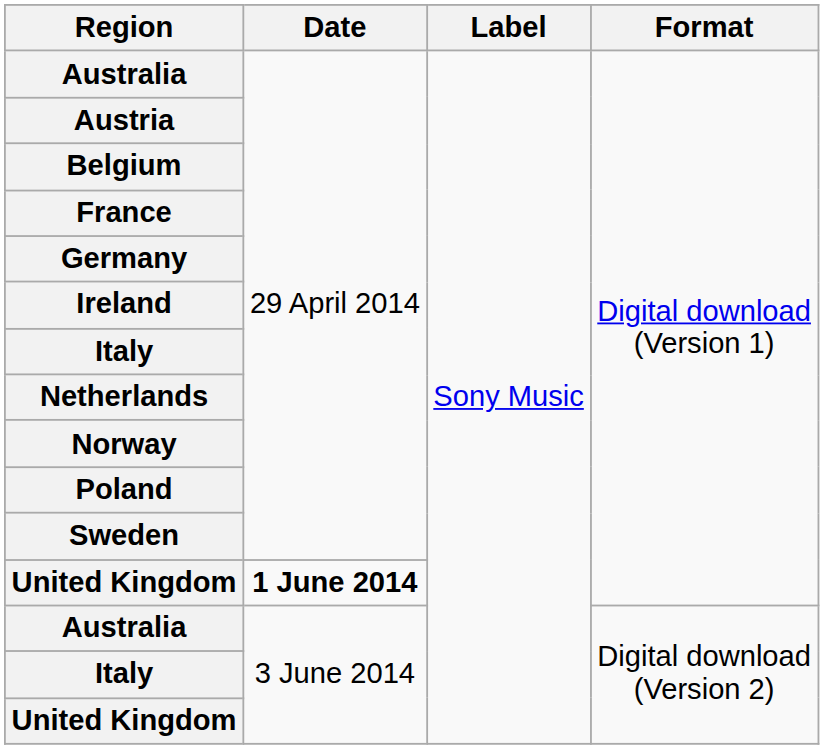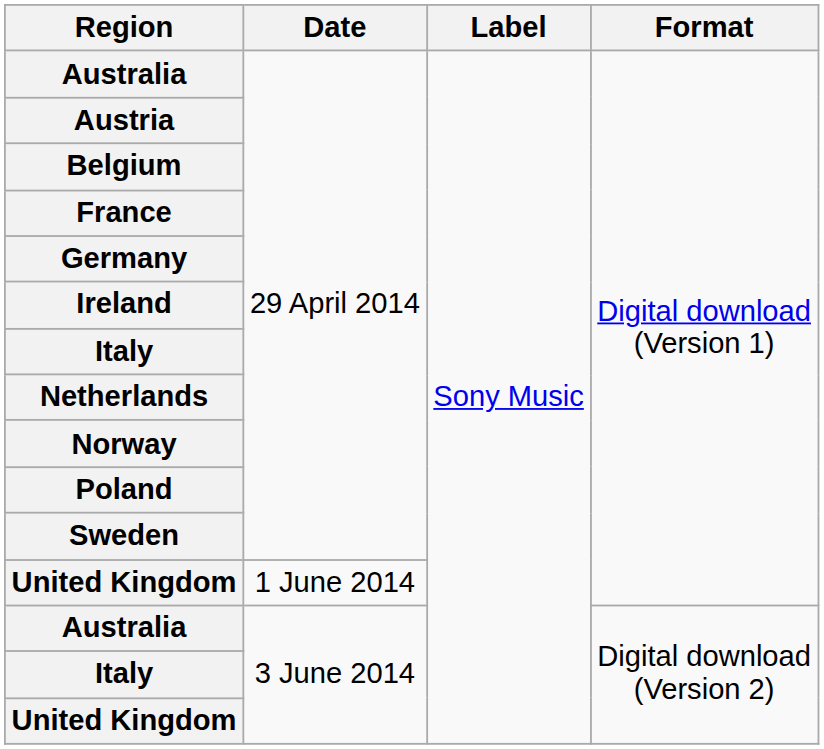 <table class="wikitable plainrowheaders" style="text-align:center;">
 <tr>
 <th scope="col">Region</th>
 <th scope="col">Date</th>
 <th scope="col">Label</th>
 <th scope="col">Format</th>
 </tr>
 <tr>
 <th scope="row">Australia</th>
 <td rowspan="11">29 April 2014</td>
 <td rowspan="15"><a href='#'>Sony Music</a></td>
 <td rowspan="12"><a href='#'>Digital download</a><br>(Version 1)</td>
 </tr>
 <tr>
 <th scope="row">Austria</th>
 </tr>
 <tr>
 <th scope="row">Belgium</th>
 </tr>
 <tr>
 <th scope="row">France</th>
 </tr>
 <tr>
 <th scope="row">Germany</th>
 </tr>
 <tr>
 <th scope="row">Ireland</th>
 </tr>
 <tr>
 <th scope="row">Italy</th>
 </tr>
 <tr>
 <th scope="row">Netherlands</th>
 </tr>
 <tr>
 <th scope="row">Norway</th>
 </tr>
 <tr>
 <th scope="row">Poland</th>
 </tr>
 <tr>
 <th scope="row">Sweden</th>
 </tr>
 <tr>
 <th scope="row">United Kingdom</th>
-<td><strong>1 June 2014</strong></td>
+<td>1 June 2014</td>
 </tr>
 <tr>
 <th scope="row">Australia</th>
 <td rowspan="3">3 June 2014</td>
 <td rowspan="3">Digital download<br>(Version 2)</td>
 </tr>
 <tr>
 <th scope="row">Italy</th>
 </tr>
 <tr>
 <th scope="row">United Kingdom</th>
 </tr>
 </table>
